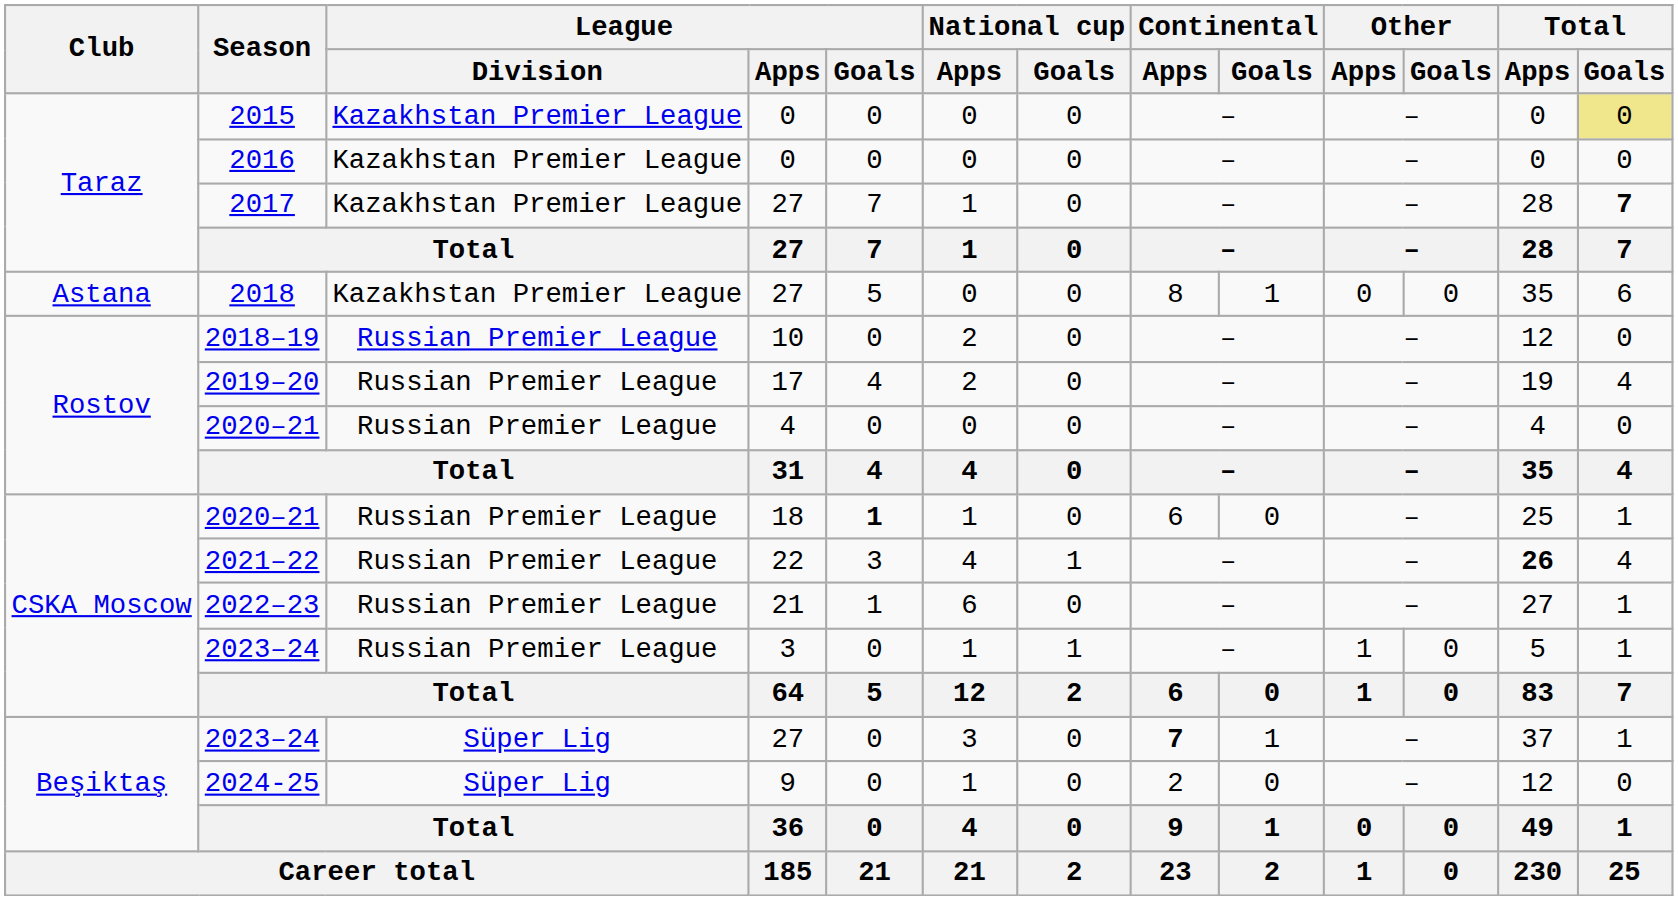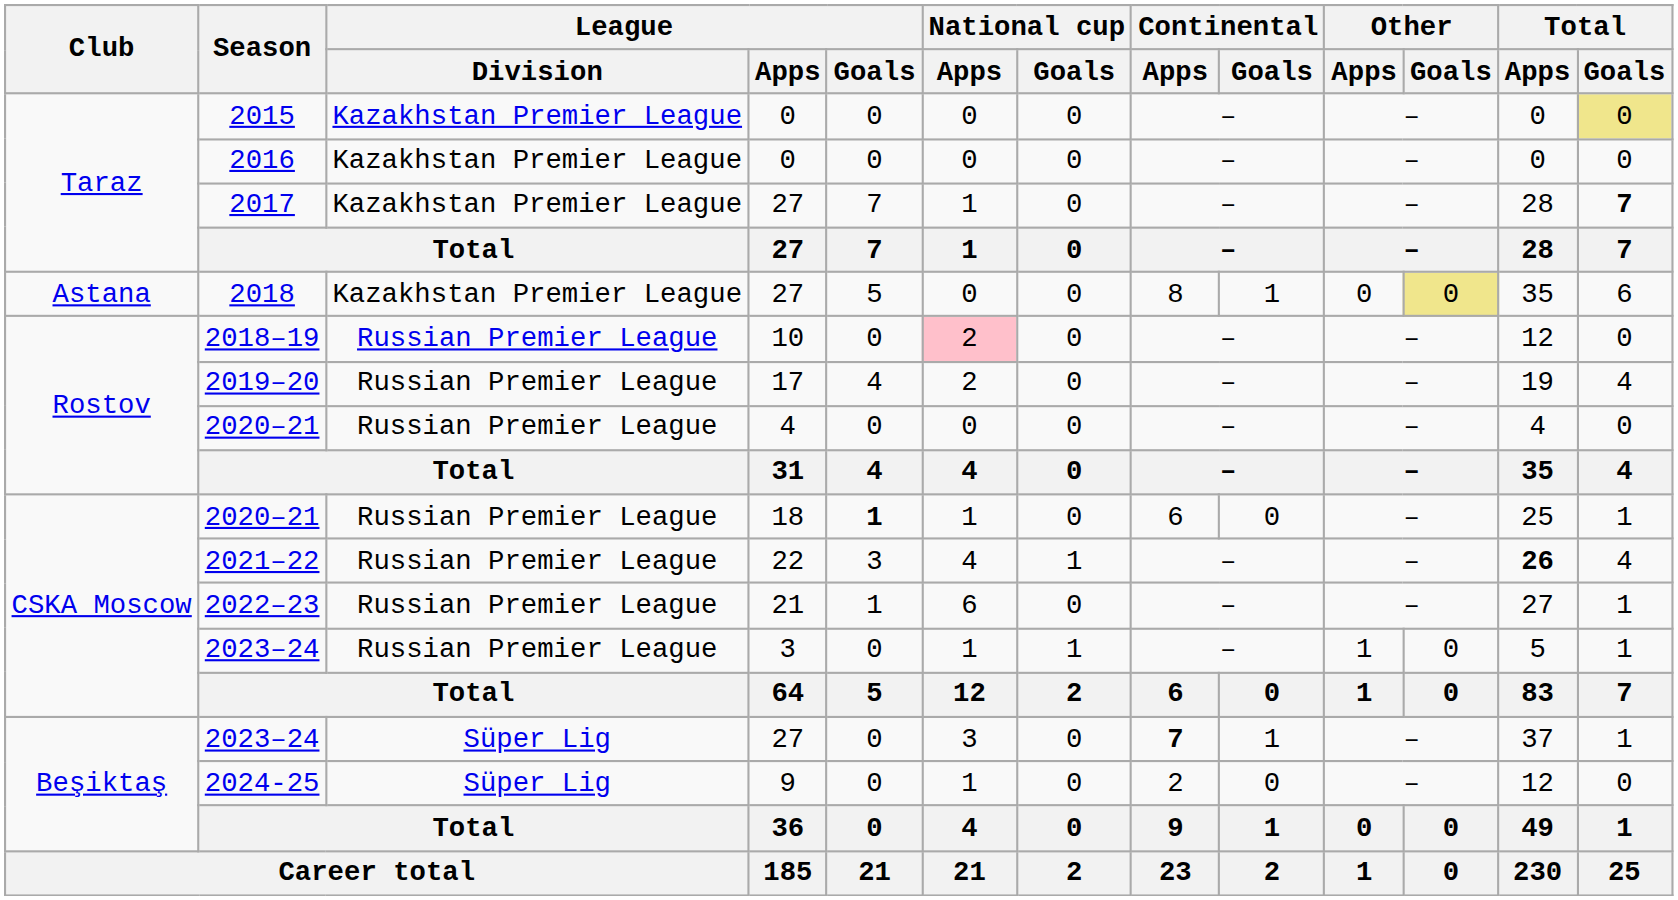 <table class="wikitable" style="text-align: center;">
 <tr>
 <th rowspan="2">Club</th>
 <th rowspan="2">Season</th>
 <th colspan="3">League</th>
 <th colspan="2">National cup</th>
 <th colspan="2">Continental</th>
 <th colspan="2">Other</th>
 <th colspan="2">Total</th>
 </tr>
 <tr>
 <th>Division</th>
 <th>Apps</th>
 <th>Goals</th>
 <th>Apps</th>
 <th>Goals</th>
 <th>Apps</th>
 <th>Goals</th>
 <th>Apps</th>
 <th>Goals</th>
 <th>Apps</th>
 <th>Goals</th>
 </tr>
 <tr>
 <td rowspan="4"><a href='#'>Taraz</a></td>
 <td><a href='#'>2015</a></td>
 <td><a href='#'>Kazakhstan Premier League</a></td>
 <td>0</td>
 <td>0</td>
 <td>0</td>
 <td>0</td>
 <td colspan="2">–</td>
 <td colspan="2">–</td>
 <td>0</td>
 <td style="background: khaki;">0</td>
 </tr>
 <tr>
 <td><a href='#'>2016</a></td>
 <td>Kazakhstan Premier League</td>
 <td>0</td>
 <td>0</td>
 <td>0</td>
 <td>0</td>
 <td colspan="2">–</td>
 <td colspan="2">–</td>
 <td>0</td>
 <td>0</td>
 </tr>
 <tr>
 <td><a href='#'>2017</a></td>
 <td>Kazakhstan Premier League</td>
 <td>27</td>
 <td>7</td>
 <td>1</td>
 <td>0</td>
 <td colspan="2">–</td>
 <td colspan="2">–</td>
 <td>28</td>
 <td><strong>7</strong></td>
 </tr>
 <tr>
 <th colspan="2">Total</th>
 <th>27</th>
 <th>7</th>
 <th>1</th>
 <th>0</th>
 <th colspan="2">–</th>
 <th colspan="2">–</th>
 <th>28</th>
 <th>7</th>
 </tr>
 <tr>
 <td><a href='#'>Astana</a></td>
 <td><a href='#'>2018</a></td>
 <td>Kazakhstan Premier League</td>
 <td>27</td>
 <td>5</td>
 <td>0</td>
 <td>0</td>
 <td>8</td>
 <td>1</td>
 <td>0</td>
-<td>0</td>
+<td style="background: khaki;">0</td>
 <td>35</td>
 <td>6</td>
 </tr>
 <tr>
 <td rowspan="4"><a href='#'>Rostov</a></td>
 <td><a href='#'>2018–19</a></td>
 <td><a href='#'>Russian Premier League</a></td>
 <td>10</td>
 <td>0</td>
-<td>2</td>
+<td style="background: pink;">2</td>
 <td>0</td>
 <td colspan="2">–</td>
 <td colspan="2">–</td>
 <td>12</td>
 <td>0</td>
 </tr>
 <tr>
 <td><a href='#'>2019–20</a></td>
 <td>Russian Premier League</td>
 <td>17</td>
 <td>4</td>
 <td>2</td>
 <td>0</td>
 <td colspan="2">–</td>
 <td colspan="2">–</td>
 <td>19</td>
 <td>4</td>
 </tr>
 <tr>
 <td><a href='#'>2020–21</a></td>
 <td>Russian Premier League</td>
 <td>4</td>
 <td>0</td>
 <td>0</td>
 <td>0</td>
 <td colspan="2">–</td>
 <td colspan="2">–</td>
 <td>4</td>
 <td>0</td>
 </tr>
 <tr>
 <th colspan="2">Total</th>
 <th>31</th>
 <th>4</th>
 <th>4</th>
 <th>0</th>
 <th colspan="2">–</th>
 <th colspan="2">–</th>
 <th>35</th>
 <th>4</th>
 </tr>
 <tr>
 <td rowspan="5"><a href='#'>CSKA Moscow</a></td>
 <td><a href='#'>2020–21</a></td>
 <td>Russian Premier League</td>
 <td>18</td>
 <td><strong>1</strong></td>
 <td>1</td>
 <td>0</td>
 <td>6</td>
 <td>0</td>
 <td colspan="2">–</td>
 <td>25</td>
 <td>1</td>
 </tr>
 <tr>
 <td><a href='#'>2021–22</a></td>
 <td>Russian Premier League</td>
 <td>22</td>
 <td>3</td>
 <td>4</td>
 <td>1</td>
 <td colspan="2">–</td>
 <td colspan="2">–</td>
 <td><strong>26</strong></td>
 <td>4</td>
 </tr>
 <tr>
 <td><a href='#'>2022–23</a></td>
 <td>Russian Premier League</td>
 <td>21</td>
 <td>1</td>
 <td>6</td>
 <td>0</td>
 <td colspan="2">–</td>
 <td colspan="2">–</td>
 <td>27</td>
 <td>1</td>
 </tr>
 <tr>
 <td><a href='#'>2023–24</a></td>
 <td>Russian Premier League</td>
 <td>3</td>
 <td>0</td>
 <td>1</td>
 <td>1</td>
 <td colspan="2">–</td>
 <td>1</td>
 <td>0</td>
 <td>5</td>
 <td>1</td>
 </tr>
 <tr>
 <th colspan="2">Total</th>
 <th>64</th>
 <th>5</th>
 <th>12</th>
 <th>2</th>
 <th>6</th>
 <th>0</th>
 <th>1</th>
 <th>0</th>
 <th>83</th>
 <th>7</th>
 </tr>
 <tr>
 <td rowspan="3"><a href='#'>Beşiktaş</a></td>
 <td><a href='#'>2023–24</a></td>
 <td><a href='#'>Süper Lig</a></td>
 <td>27</td>
 <td>0</td>
 <td>3</td>
 <td>0</td>
 <td><strong>7</strong></td>
 <td>1</td>
 <td colspan="2">–</td>
 <td>37</td>
 <td>1</td>
 </tr>
 <tr>
 <td><a href='#'>2024-25</a></td>
 <td><a href='#'>Süper Lig</a></td>
 <td>9</td>
 <td>0</td>
 <td>1</td>
 <td>0</td>
 <td>2</td>
 <td>0</td>
 <td colspan="2">–</td>
 <td>12</td>
 <td>0</td>
 </tr>
 <tr>
 <th colspan="2">Total</th>
 <th>36</th>
 <th>0</th>
 <th>4</th>
 <th>0</th>
 <th>9</th>
 <th>1</th>
 <th>0</th>
 <th>0</th>
 <th>49</th>
 <th>1</th>
 </tr>
 <tr>
 <th colspan="3">Career total</th>
 <th>185</th>
 <th>21</th>
 <th>21</th>
 <th>2</th>
 <th>23</th>
 <th>2</th>
 <th>1</th>
 <th>0</th>
 <th>230</th>
 <th>25</th>
 </tr>
 </table>
